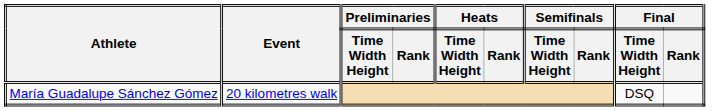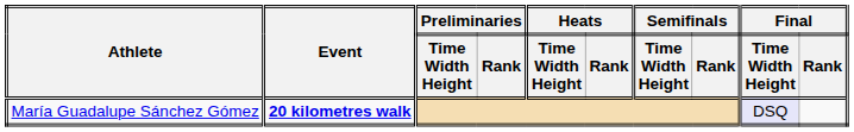 <table class=wikitable style="font-size:90%; border: double;">
 <tr>
 <th rowspan="2" style="border-right:double">Athlete</th>
 <th rowspan="2" style="border-right:double">Event</th>
 <th colspan="2" style="border-right:double; border-bottom:double;">Preliminaries</th>
 <th colspan="2" style="border-right:double; border-bottom:double;">Heats</th>
 <th colspan="2" style="border-right:double; border-bottom:double;">Semifinals</th>
 <th colspan="2" style="border-right:double; border-bottom:double;">Final</th>
 </tr>
 <tr>
 <th>Time<br>Width<br>Height</th>
 <th style="border-right:double">Rank</th>
 <th>Time<br>Width<br>Height</th>
 <th style="border-right:double">Rank</th>
 <th>Time<br>Width<br>Height</th>
 <th style="border-right:double">Rank</th>
 <th>Time<br>Width<br>Height</th>
 <th style="border-right:double">Rank</th>
 </tr>
 <tr style="border-top: double;">
 <td style="border-right:double"><a href='#'>María Guadalupe Sánchez Gómez</a></td>
-<td style="border-right:double"><a href='#'>20 kilometres walk</a></td>
+<td style="border-right:double"><strong><a href='#'>20 kilometres walk</a></strong></td>
 <td style="border-right:double" colspan= 6 bgcolor="wheat"></td>
-<td align=center>DSQ</td>
+<td align=center style="background: lavender;">DSQ</td>
 <td align=center></td>
 </tr>
 </table>
